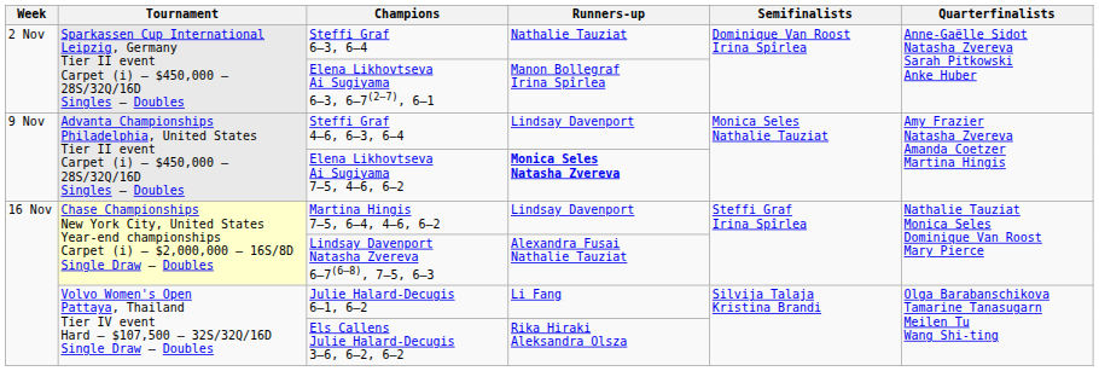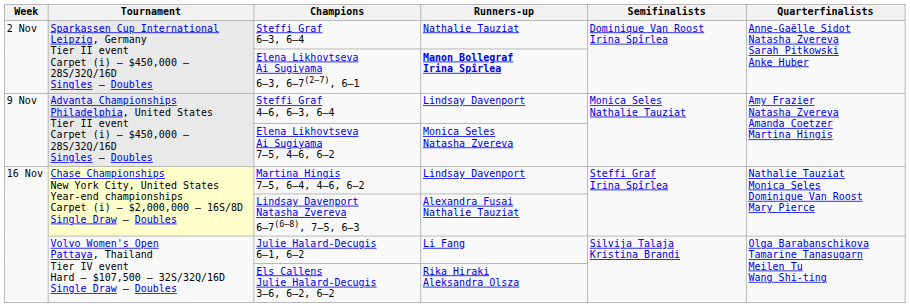 <table class=wikitable style=font-size:95%>
 <tr>
 <th style="width:48px;">Week</th>
 <th style="width:248px;">Tournament</th>
 <th style="width:200px;">Champions</th>
 <th style="width:200px;">Runners-up</th>
 <th style="width:190px;">Semifinalists</th>
 <th style="width:190px;">Quarterfinalists</th>
 </tr>
 <tr valign="top">
 <td rowspan=2>2 Nov</td>
 <td rowspan=2 bgcolor=#E9E9E9><a href='#'>Sparkassen Cup International</a><br> <a href='#'>Leipzig</a>, Germany <br> Tier II event <br> Carpet (i) – $450,000 – 28S/32Q/16D<br> <a href='#'>Singles</a> – <a href='#'>Doubles</a></td>
 <td> <a href='#'>Steffi Graf</a><br>6–3, 6–4</td>
 <td> <a href='#'>Nathalie Tauziat</a></td>
 <td rowspan=2>  <a href='#'>Dominique Van Roost</a><br> <a href='#'>Irina Spîrlea</a></td>
 <td rowspan=2> <a href='#'>Anne-Gaëlle Sidot</a><br> <a href='#'>Natasha Zvereva</a><br> <a href='#'>Sarah Pitkowski</a><br> <a href='#'>Anke Huber</a></td>
 </tr>
 <tr valign="top">
 <td> <a href='#'>Elena Likhovtseva</a> <br>  <a href='#'>Ai Sugiyama</a><br> 6–3, 6–7<sup>(2–7)</sup>, 6–1</td>
-<td> <a href='#'>Manon Bollegraf</a> <br>  <a href='#'>Irina Spîrlea</a></td>
+<td><strong> <a href='#'>Manon Bollegraf</a> <br>  <a href='#'>Irina Spîrlea</a></strong></td>
 </tr>
 <tr valign=top>
 <td rowspan=2>9 Nov</td>
 <td rowspan=2 bgcolor=#E9E9E9><a href='#'>Advanta Championships</a><br> <a href='#'>Philadelphia</a>, United States <br> Tier II event <br> Carpet (i) – $450,000 – 28S/32Q/16D<br><a href='#'>Singles</a> – <a href='#'>Doubles</a></td>
 <td> <a href='#'>Steffi Graf</a><br>4–6, 6–3, 6–4</td>
 <td> <a href='#'>Lindsay Davenport</a></td>
 <td rowspan=2>  <a href='#'>Monica Seles</a><br> <a href='#'>Nathalie Tauziat</a></td>
 <td rowspan=2> <a href='#'>Amy Frazier</a><br> <a href='#'>Natasha Zvereva</a><br> <a href='#'>Amanda Coetzer</a><br> <a href='#'>Martina Hingis</a></td>
 </tr>
 <tr valign="top">
 <td> <a href='#'>Elena Likhovtseva</a> <br>  <a href='#'>Ai Sugiyama</a><br> 7–5, 4–6, 6–2</td>
-<td><strong> <a href='#'>Monica Seles</a> <br>  <a href='#'>Natasha Zvereva</a></strong></td>
+<td> <a href='#'>Monica Seles</a> <br>  <a href='#'>Natasha Zvereva</a></td>
 </tr>
 <tr valign=top>
 <td rowspan=4>16 Nov</td>
 <td rowspan=2 bgcolor=#FFFFCC><a href='#'>Chase Championships</a><br>New York City, United States <br>Year-end championships <br> Carpet (i) – $2,000,000 – 16S/8D<br> <a href='#'>Single Draw</a> – <a href='#'>Doubles</a></td>
 <td> <a href='#'>Martina Hingis</a><br>7–5, 6–4, 4–6, 6–2</td>
 <td> <a href='#'>Lindsay Davenport</a></td>
 <td rowspan=2> <a href='#'>Steffi Graf</a><br> <a href='#'>Irina Spîrlea</a></td>
 <td rowspan=2> <a href='#'>Nathalie Tauziat</a><br> <a href='#'>Monica Seles</a><br> <a href='#'>Dominique Van Roost</a><br> <a href='#'>Mary Pierce</a></td>
 </tr>
 <tr valign="top">
 <td> <a href='#'>Lindsay Davenport</a> <br>  <a href='#'>Natasha Zvereva</a><br> 6–7<sup>(6–8)</sup>, 7–5, 6–3</td>
 <td> <a href='#'>Alexandra Fusai</a> <br>  <a href='#'>Nathalie Tauziat</a></td>
 </tr>
 <tr valign=top>
 <td rowspan=2><a href='#'>Volvo Women's Open</a><br><a href='#'>Pattaya</a>, Thailand <br>Tier IV event <br> Hard – $107,500 – 32S/32Q/16D<br> <a href='#'>Single Draw</a> – <a href='#'>Doubles</a></td>
 <td> <a href='#'>Julie Halard-Decugis</a><br>6–1, 6–2</td>
 <td> <a href='#'>Li Fang</a></td>
 <td rowspan=2> <a href='#'>Silvija Talaja</a><br> <a href='#'>Kristina Brandi</a></td>
 <td rowspan=2> <a href='#'>Olga Barabanschikova</a><br> <a href='#'>Tamarine Tanasugarn</a><br> <a href='#'>Meilen Tu</a><br> <a href='#'>Wang Shi-ting</a></td>
 </tr>
 <tr valign="top">
 <td> <a href='#'>Els Callens</a> <br>  <a href='#'>Julie Halard-Decugis</a><br> 3–6, 6–2, 6–2</td>
 <td> <a href='#'>Rika Hiraki</a> <br>  <a href='#'>Aleksandra Olsza</a></td>
 </tr>
 </table>
